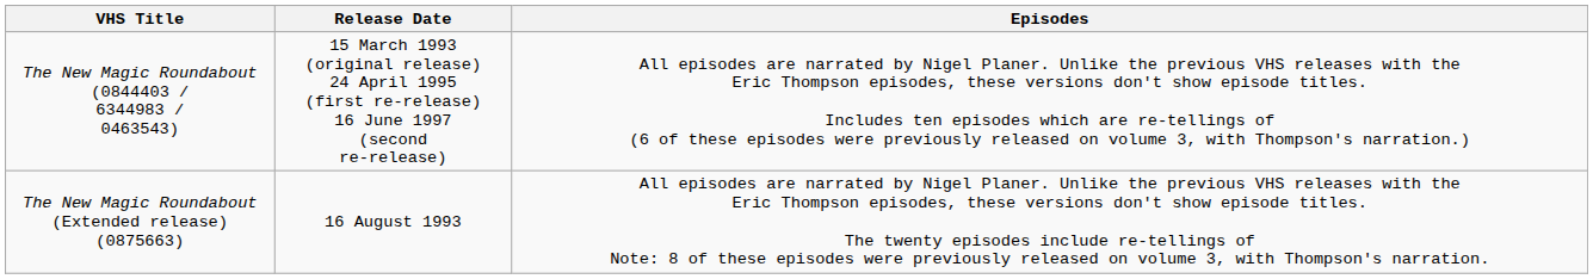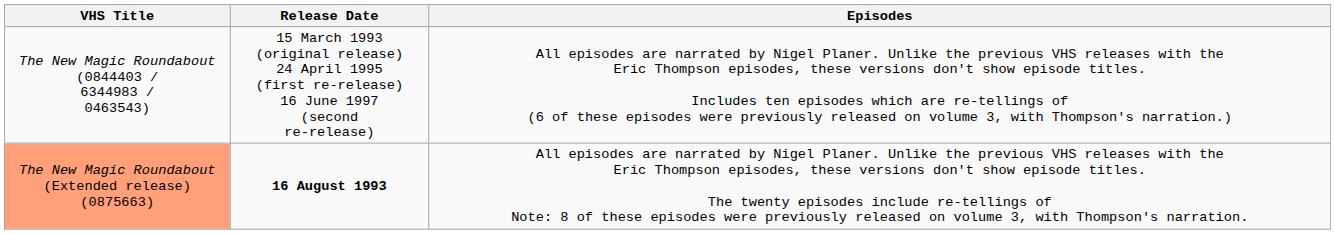 <table class="wikitable" style="text-align:center; width:100%;">
 <tr>
 <th style="width:17%;">VHS Title</th>
 <th style="width:15%;">Release Date</th>
 <th>Episodes</th>
 </tr>
 <tr>
 <td><em>The New Magic Roundabout</em><br>(0844403 /<br>6344983 /<br>0463543)</td>
 <td style = "text-align:center;">15 March 1993<br>(original release)<br>24 April 1995<br>(first re-release)<br>16 June 1997<br>(second<br>re-release)</td>
 <td style = "text-align:center;">All episodes are narrated by Nigel Planer. Unlike the previous VHS releases with the<br>Eric Thompson episodes, these versions don't show episode titles.<br><br>Includes ten episodes which are re-tellings of<br>(6 of these episodes were previously released on volume 3, with Thompson's narration.)</td>
 </tr>
 <tr>
-<td><em>The New Magic Roundabout</em><br>(Extended release)<br>(0875663)</td>
-<td style = "text-align:center;">16 August 1993</td>
+<td style="background: lightsalmon;"><em>The New Magic Roundabout</em><br>(Extended release)<br>(0875663)</td>
+<td style = "text-align:center;"><strong>16 August 1993</strong></td>
 <td style = "text-align:center;">All episodes are narrated by Nigel Planer. Unlike the previous VHS releases with the<br>Eric Thompson episodes, these versions don't show episode titles.<br><br>The twenty episodes include re-tellings of<br> Note: 8 of these episodes were previously released on volume 3, with Thompson's narration.</td>
 </tr>
 </table>
